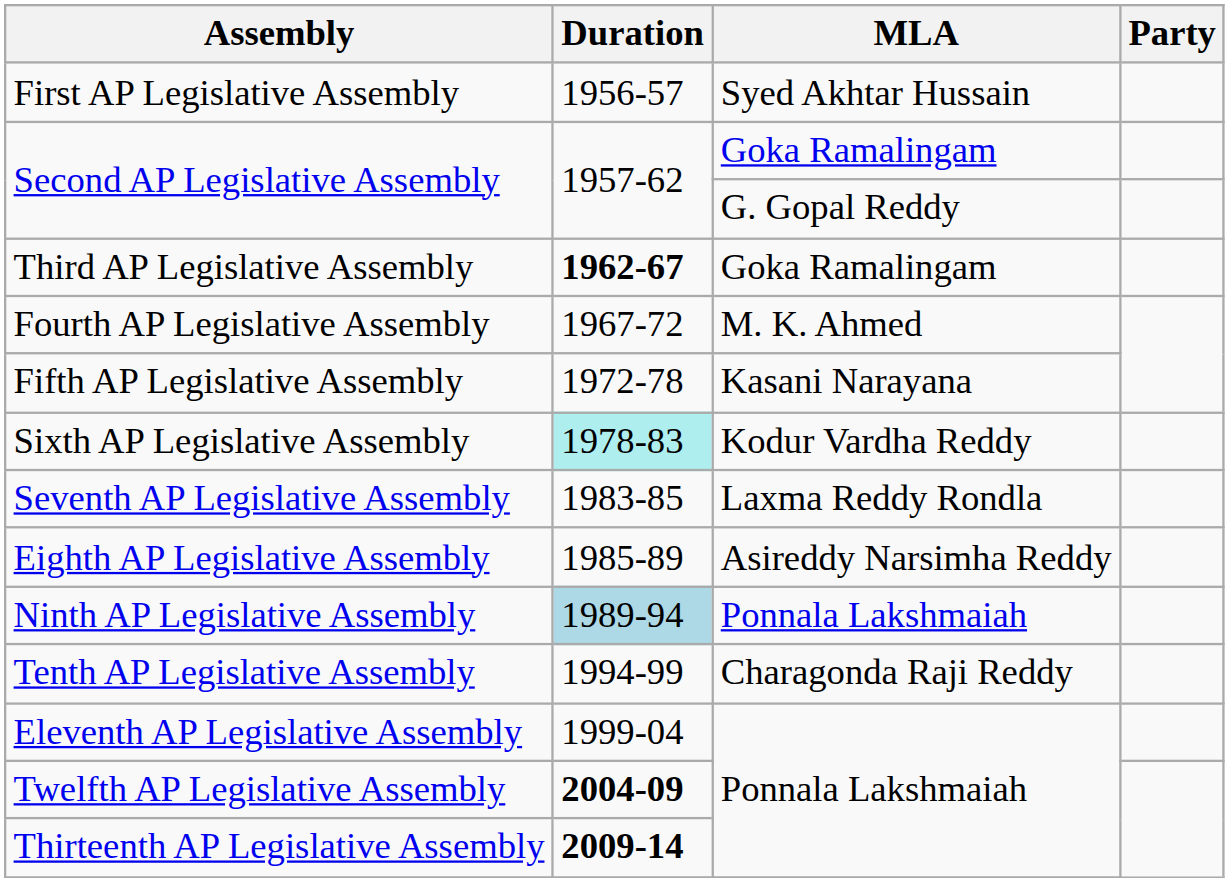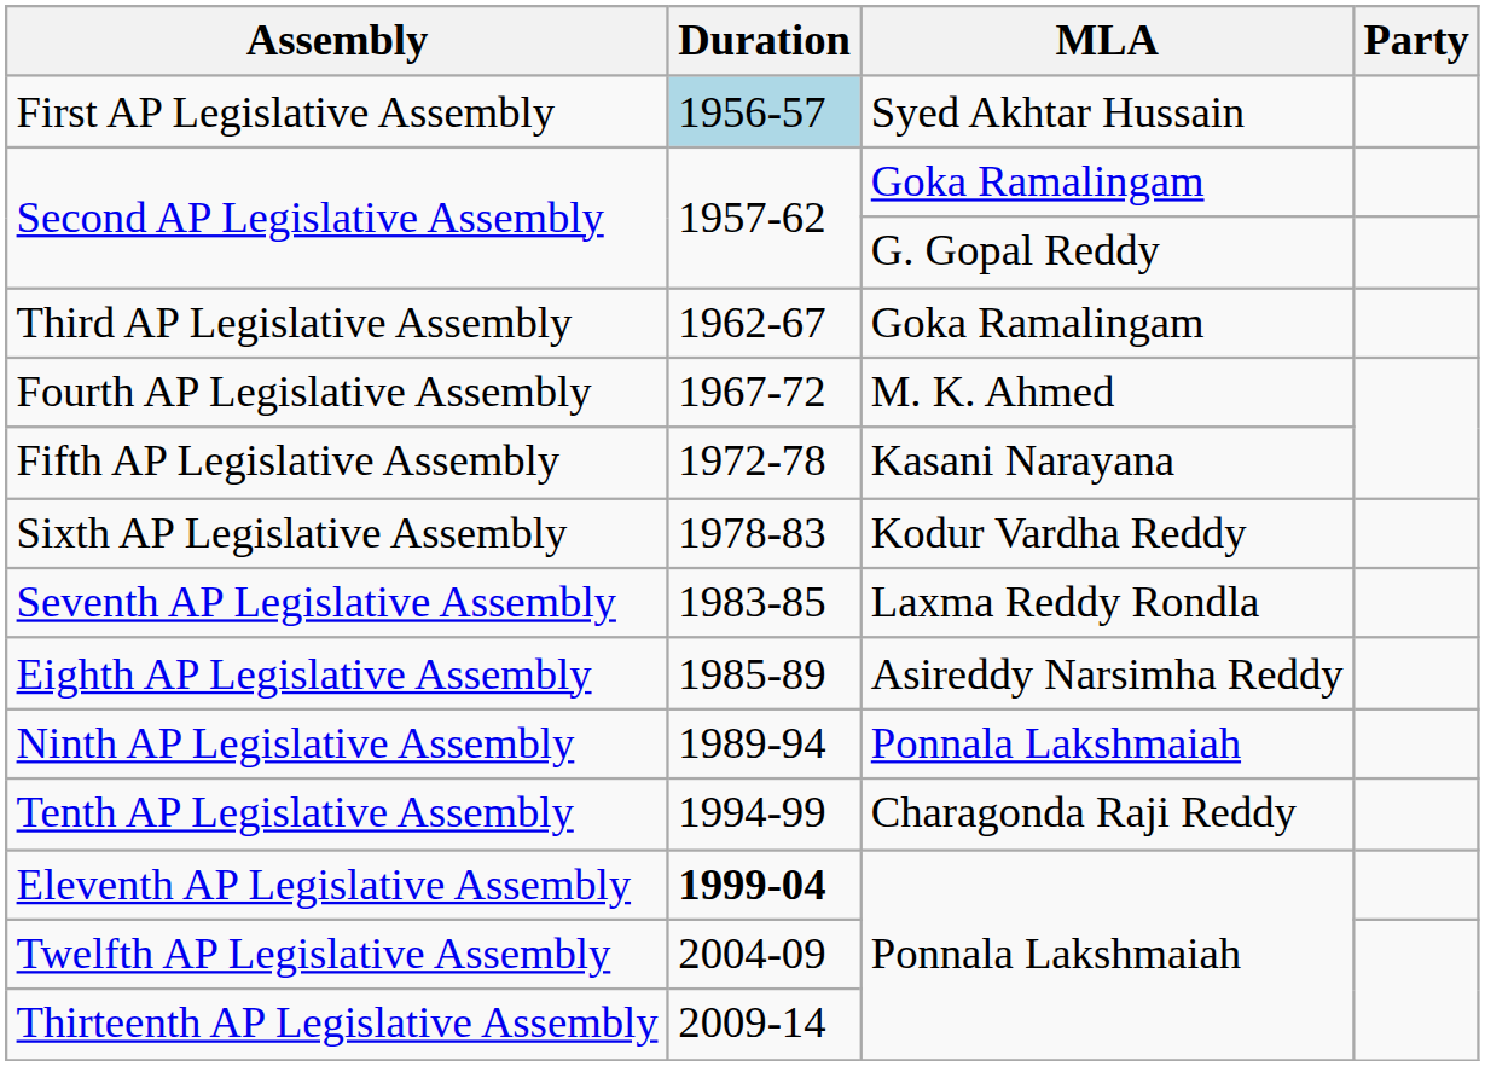 <table class="wikitable sortable">
 <tr>
 <th>Assembly</th>
 <th>Duration</th>
 <th>MLA</th>
 <th colspan=2>Party</th>
 </tr>
 <tr>
 <td>First AP Legislative Assembly</td>
-<td>1956-57</td>
+<td style="background: lightblue;">1956-57</td>
 <td>Syed Akhtar Hussain</td>
 <td></td>
 </tr>
 <tr>
 <td rowspan=2><a href='#'>Second AP Legislative Assembly</a></td>
 <td rowspan=2>1957-62</td>
 <td><a href='#'>Goka Ramalingam</a></td>
 <td></td>
 </tr>
 <tr>
 <td>G. Gopal Reddy</td>
 <td></td>
 </tr>
 <tr>
 <td>Third AP Legislative Assembly</td>
-<td><strong>1962-67</strong></td>
+<td>1962-67</td>
 <td>Goka Ramalingam</td>
 <td></td>
 </tr>
 <tr>
 <td>Fourth AP Legislative Assembly</td>
 <td>1967-72</td>
 <td>M. K. Ahmed</td>
 </tr>
 <tr>
 <td>Fifth AP Legislative Assembly</td>
 <td>1972-78</td>
 <td>Kasani Narayana</td>
 </tr>
 <tr>
 <td>Sixth AP Legislative Assembly</td>
-<td style="background: paleturquoise;">1978-83</td>
+<td>1978-83</td>
 <td>Kodur Vardha Reddy</td>
 <td></td>
 </tr>
 <tr>
 <td><a href='#'>Seventh AP Legislative Assembly</a></td>
 <td>1983-85</td>
 <td>Laxma Reddy Rondla</td>
 <td></td>
 </tr>
 <tr>
 <td><a href='#'>Eighth AP Legislative Assembly</a></td>
 <td>1985-89</td>
 <td>Asireddy Narsimha Reddy</td>
 <td></td>
 </tr>
 <tr>
 <td><a href='#'>Ninth AP Legislative Assembly</a></td>
-<td style="background: lightblue;">1989-94</td>
+<td>1989-94</td>
 <td><a href='#'>Ponnala Lakshmaiah</a></td>
 <td></td>
 </tr>
 <tr>
 <td><a href='#'>Tenth AP Legislative Assembly</a></td>
 <td>1994-99</td>
 <td>Charagonda Raji Reddy</td>
 <td></td>
 </tr>
 <tr>
 <td><a href='#'>Eleventh AP Legislative Assembly</a></td>
-<td>1999-04</td>
+<td><strong>1999-04</strong></td>
 <td rowspan=3>Ponnala Lakshmaiah</td>
 <td></td>
 </tr>
 <tr>
 <td><a href='#'>Twelfth AP Legislative Assembly</a></td>
-<td><strong>2004-09</strong></td>
+<td>2004-09</td>
 </tr>
 <tr>
 <td><a href='#'>Thirteenth AP Legislative Assembly</a></td>
-<td><strong>2009-14</strong></td>
+<td>2009-14</td>
 </tr>
 <tr>
 </tr>
 </table>
